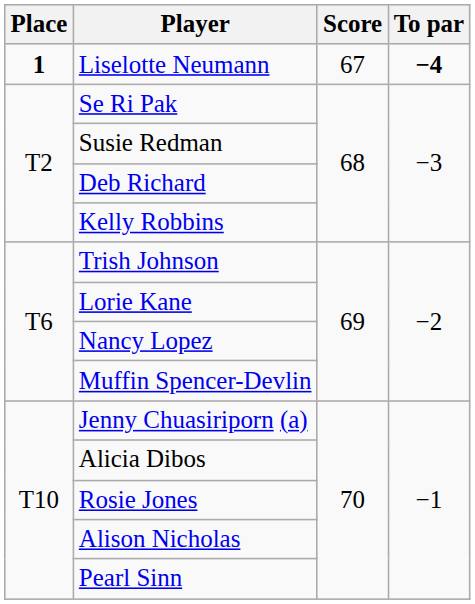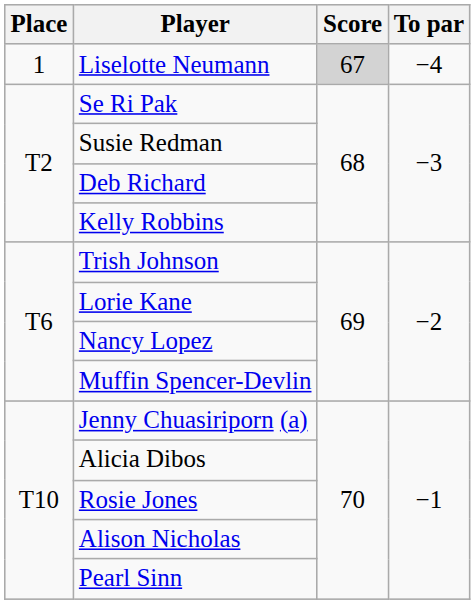 <table class="wikitable">
 <tr>
 <th>Place</th>
 <th>Player</th>
 <th>Score</th>
 <th>To par</th>
 </tr>
 <tr>
-<td align=center><strong>1</strong></td>
+<td align=center>1</td>
 <td> <a href='#'>Liselotte Neumann</a></td>
-<td align=center>67</td>
-<td align=center><strong>−4</strong></td>
+<td align=center style="background: lightgrey;">67</td>
+<td align=center>−4</td>
 </tr>
 <tr>
 <td align=center rowspan=4>T2</td>
 <td> <a href='#'>Se Ri Pak</a></td>
 <td rowspan=4 align=center>68</td>
 <td rowspan=4 align=center>−3</td>
 </tr>
 <tr>
 <td> Susie Redman</td>
 </tr>
 <tr>
 <td> <a href='#'>Deb Richard</a></td>
 </tr>
 <tr>
 <td> <a href='#'>Kelly Robbins</a></td>
 </tr>
 <tr>
 <td align=center rowspan=4>T6</td>
 <td> <a href='#'>Trish Johnson</a></td>
 <td rowspan=4 align=center>69</td>
 <td rowspan=4 align=center>−2</td>
 </tr>
 <tr>
 <td> <a href='#'>Lorie Kane</a></td>
 </tr>
 <tr>
 <td> <a href='#'>Nancy Lopez</a></td>
 </tr>
 <tr>
 <td> <a href='#'>Muffin Spencer-Devlin</a></td>
 </tr>
 <tr>
 <td align=center rowspan=5>T10</td>
 <td> <a href='#'>Jenny Chuasiriporn</a> <a href='#'>(a)</a></td>
 <td rowspan=5 align=center>70</td>
 <td rowspan=5 align=center>−1</td>
 </tr>
 <tr>
 <td> Alicia Dibos</td>
 </tr>
 <tr>
 <td> <a href='#'>Rosie Jones</a></td>
 </tr>
 <tr>
 <td> <a href='#'>Alison Nicholas</a></td>
 </tr>
 <tr>
 <td> <a href='#'>Pearl Sinn</a></td>
 </tr>
 </table>
